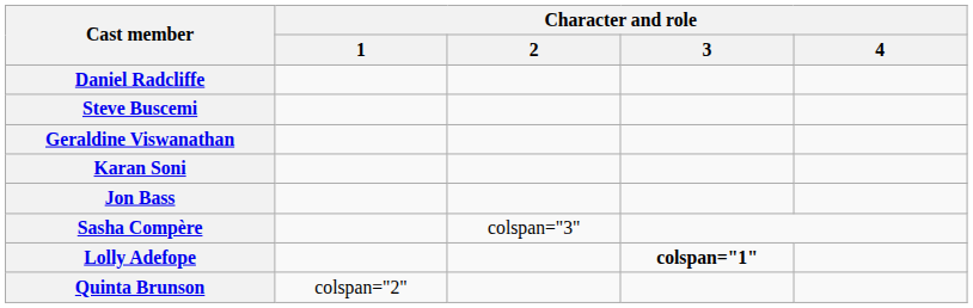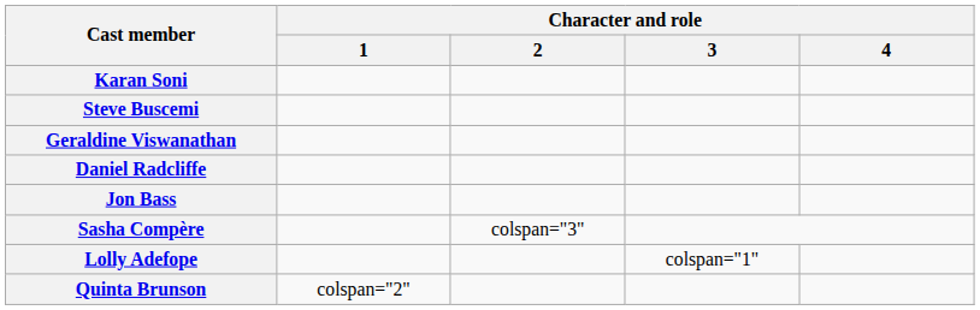 <table class="wikitable" style="text-align:center; width:65%;">
 <tr>
 <th rowspan="2" style="width:28%">Cast member</th>
 <th colspan="4">Character and role</th>
 </tr>
 <tr>
 <th style="width:18%">1</th>
 <th style="width:18%">2</th>
 <th style="width:18%">3</th>
 <th style="width:18%">4</th>
 </tr>
 <tr>
-<th scope="row"><a href='#'>Daniel Radcliffe</a></th>
+<th scope="row"><a href='#'>Karan Soni</a></th>
 <td></td>
 <td></td>
 <td></td>
 <td></td>
 </tr>
 <tr>
 <th scope="row"><a href='#'>Steve Buscemi</a></th>
 <td></td>
 <td></td>
 <td></td>
 <td></td>
 </tr>
 <tr>
 <th scope="row"><a href='#'>Geraldine Viswanathan</a></th>
 <td></td>
 <td></td>
 <td></td>
 <td></td>
 </tr>
 <tr>
-<th scope="row"><a href='#'>Karan Soni</a></th>
+<th scope="row"><a href='#'>Daniel Radcliffe</a></th>
 <td></td>
 <td></td>
 <td></td>
 <td></td>
 </tr>
 <tr>
 <th scope="row"><a href='#'>Jon Bass</a></th>
 <td></td>
 <td></td>
 <td></td>
 <td></td>
 </tr>
 <tr>
 <th scope="row"><a href='#'>Sasha Compère</a></th>
 <td></td>
 <td>colspan="3" </td>
 </tr>
 <tr>
 <th scope="row"><a href='#'>Lolly Adefope</a></th>
 <td></td>
 <td></td>
-<td><strong>colspan="1" </strong></td>
+<td>colspan="1" </td>
 <td></td>
 </tr>
 <tr>
 <th scope="row"><a href='#'>Quinta Brunson</a></th>
 <td>colspan="2" </td>
 <td></td>
 <td></td>
 </tr>
 </table>
